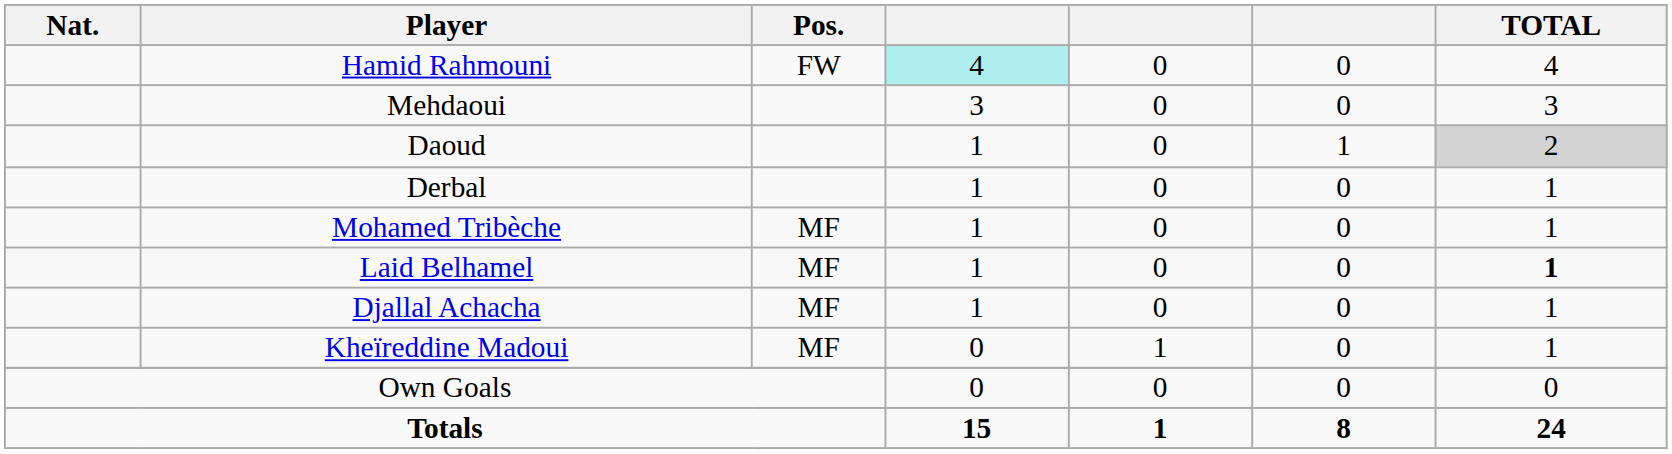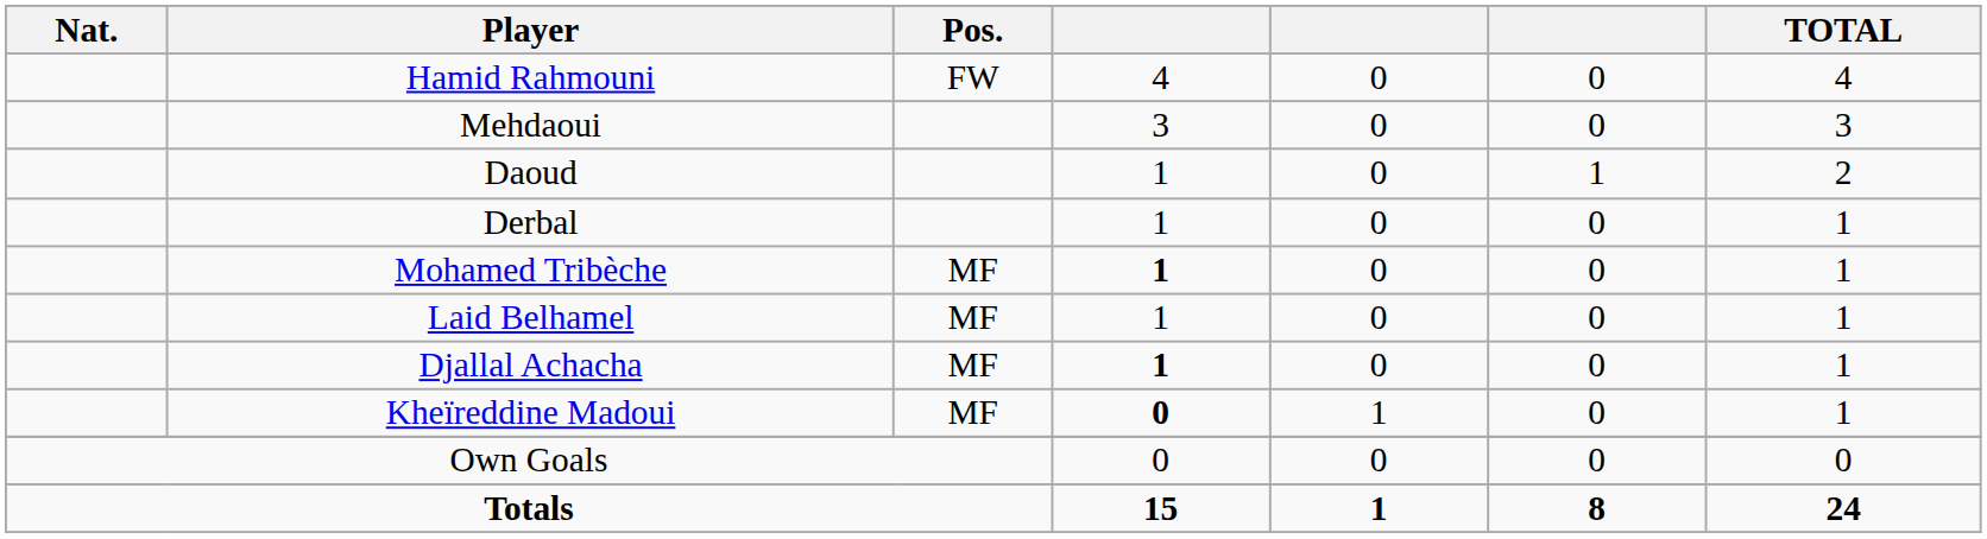 <table class="wikitable sortable alternance" style="font-size:96%; text-align:center; line-height:14px; width:55%;">
 <tr>
 <th width=10>Nat.</th>
 <th scope="col" style="width:150px;">Player</th>
 <th width=10>Pos.</th>
 <th width=40></th>
 <th width=40></th>
 <th width=40></th>
 <th width=40>TOTAL</th>
 </tr>
 <tr>
 <td></td>
 <td><a href='#'>Hamid Rahmouni</a></td>
 <td>FW</td>
-<td style="background: paleturquoise;">4</td>
+<td>4</td>
 <td>0</td>
 <td>0</td>
 <td>4</td>
 </tr>
 <tr>
 <td></td>
 <td>Mehdaoui</td>
 <td></td>
 <td>3</td>
 <td>0</td>
 <td>0</td>
 <td>3</td>
 </tr>
 <tr>
 <td></td>
 <td>Daoud</td>
 <td></td>
 <td>1</td>
 <td>0</td>
 <td>1</td>
-<td style="background: lightgrey;">2</td>
+<td>2</td>
 </tr>
 <tr>
 <td></td>
 <td>Derbal</td>
 <td></td>
 <td>1</td>
 <td>0</td>
 <td>0</td>
 <td>1</td>
 </tr>
 <tr>
 <td></td>
 <td><a href='#'>Mohamed Tribèche</a></td>
 <td>MF</td>
-<td>1</td>
+<td><strong>1</strong></td>
 <td>0</td>
 <td>0</td>
 <td>1</td>
 </tr>
 <tr>
 <td></td>
 <td><a href='#'>Laid Belhamel</a></td>
 <td>MF</td>
 <td>1</td>
 <td>0</td>
 <td>0</td>
-<td><strong>1</strong></td>
+<td>1</td>
 </tr>
 <tr>
 <td></td>
 <td><a href='#'>Djallal Achacha</a></td>
 <td>MF</td>
-<td>1</td>
+<td><strong>1</strong></td>
 <td>0</td>
 <td>0</td>
 <td>1</td>
 </tr>
 <tr>
 <td></td>
 <td><a href='#'>Kheïreddine Madoui</a></td>
 <td>MF</td>
-<td>0</td>
+<td><strong>0</strong></td>
 <td>1</td>
 <td>0</td>
 <td>1</td>
 </tr>
 <tr>
 </tr>
 <tr class="sortbottom">
 <td colspan="3">Own Goals</td>
 <td>0</td>
 <td>0</td>
 <td>0</td>
 <td>0</td>
 </tr>
 <tr class="sortbottom">
 <td colspan="3"><strong>Totals</strong></td>
 <td><strong>15</strong></td>
 <td><strong>1</strong></td>
 <td><strong>8</strong></td>
 <td><strong>24</strong></td>
 </tr>
 </table>
